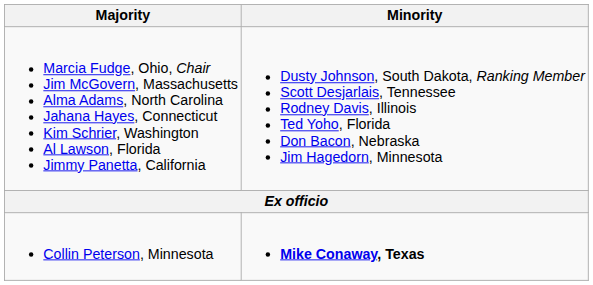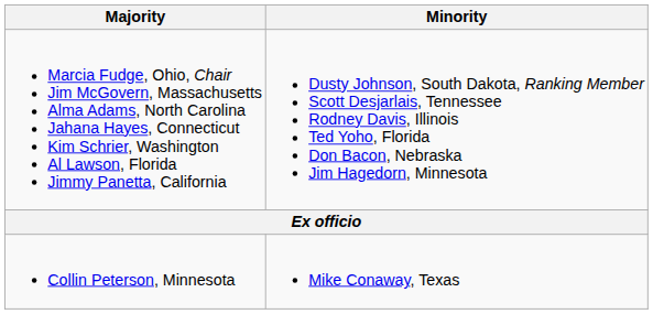 <table class=wikitable>
 <tr>
 <th>Majority</th>
 <th>Minority</th>
 </tr>
 <tr>
 <td><br><ul><li><a href='#'>Marcia Fudge</a>, Ohio, <em>Chair</em></li><li><a href='#'>Jim McGovern</a>, Massachusetts</li><li><a href='#'>Alma Adams</a>, North Carolina</li><li><a href='#'>Jahana Hayes</a>, Connecticut</li><li><a href='#'>Kim Schrier</a>, Washington</li><li><a href='#'>Al Lawson</a>, Florida</li><li><a href='#'>Jimmy Panetta</a>, California</li></ul></td>
 <td><br><ul><li><a href='#'>Dusty Johnson</a>, South Dakota, <em>Ranking Member</em></li><li><a href='#'>Scott Desjarlais</a>, Tennessee</li><li><a href='#'>Rodney Davis</a>, Illinois</li><li><a href='#'>Ted Yoho</a>, Florida</li><li><a href='#'>Don Bacon</a>, Nebraska</li><li><a href='#'>Jim Hagedorn</a>, Minnesota</li></ul></td>
 </tr>
 <tr>
 <th colspan=2><em>Ex officio</em></th>
 </tr>
 <tr>
 <td><br><ul><li><a href='#'>Collin Peterson</a>, Minnesota</li></ul></td>
-<td><strong><br><ul><li><a href='#'>Mike Conaway</a>, Texas</li></ul></strong></td>
+<td><br><ul><li><a href='#'>Mike Conaway</a>, Texas</li></ul></td>
 </tr>
 </table>
